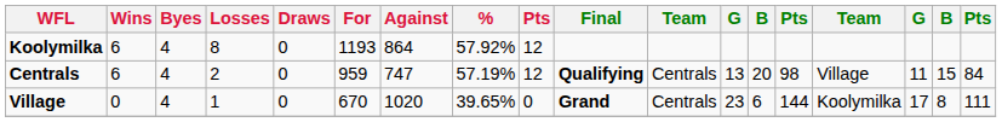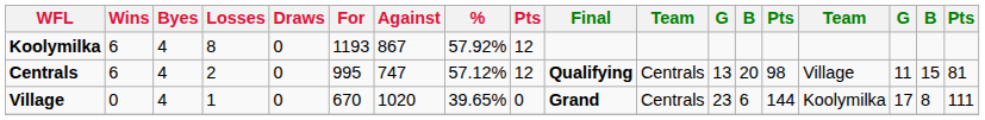 <table class="wikitable">
 <tr>
 <th style="color:crimson">WFL</th>
 <th style="color:crimson">Wins</th>
 <th style="color:crimson">Byes</th>
 <th style="color:crimson">Losses</th>
 <th style="color:crimson">Draws</th>
 <th style="color:crimson">For</th>
 <th style="color:crimson">Against</th>
 <th style="color:crimson">%</th>
 <th style="color:crimson">Pts</th>
 <th style="color:green">Final</th>
 <th style="color:green">Team</th>
 <th style="color:green">G</th>
 <th style="color:green">B</th>
 <th style="color:green">Pts</th>
 <th style="color:green">Team</th>
 <th style="color:green">G</th>
 <th style="color:green">B</th>
 <th style="color:green">Pts</th>
 </tr>
 <tr>
 <td><strong>	Koolymilka	</strong></td>
 <td>6</td>
 <td>4</td>
 <td>8</td>
 <td>0</td>
 <td>1193</td>
-<td>864</td>
+<td>867</td>
 <td>57.92%</td>
 <td>12</td>
 <td></td>
 <td></td>
 <td></td>
 <td></td>
 <td></td>
 <td></td>
 <td></td>
 <td></td>
 <td></td>
 </tr>
 <tr>
 <td><strong>	Centrals	</strong></td>
 <td>6</td>
 <td>4</td>
 <td>2</td>
 <td>0</td>
-<td>959</td>
+<td>995</td>
 <td>747</td>
-<td>57.19%</td>
+<td>57.12%</td>
 <td>12</td>
 <td><strong>Qualifying</strong></td>
 <td>Centrals</td>
 <td>13</td>
 <td>20</td>
 <td>98</td>
 <td>Village</td>
 <td>11</td>
 <td>15</td>
-<td>84</td>
+<td>81</td>
 </tr>
 <tr>
 <td><strong>	Village	</strong></td>
 <td>0</td>
 <td>4</td>
 <td>1</td>
 <td>0</td>
 <td>670</td>
 <td>1020</td>
 <td>39.65%</td>
 <td>0</td>
 <td><strong>Grand</strong></td>
 <td>Centrals</td>
 <td>23</td>
 <td>6</td>
 <td>144</td>
 <td>Koolymilka</td>
 <td>17</td>
 <td>8</td>
 <td>111</td>
 </tr>
 <tr>
 </tr>
 </table>
